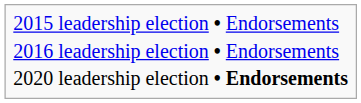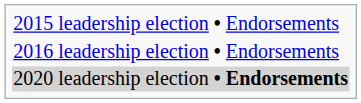 <table class="infobox">
 <tr>
 <td><a href='#'>2015 leadership election</a> <strong>•</strong> <a href='#'>Endorsements</a></td>
 </tr>
 <tr>
 <td><a href='#'>2016 leadership election</a> <strong>•</strong> <a href='#'>Endorsements</a></td>
 </tr>
 <tr>
-<td>2020 leadership election <strong>•</strong> <strong>Endorsements</strong></td>
+<td style="background: lightgrey;">2020 leadership election <strong>•</strong> <strong>Endorsements</strong></td>
 </tr>
 </table>
